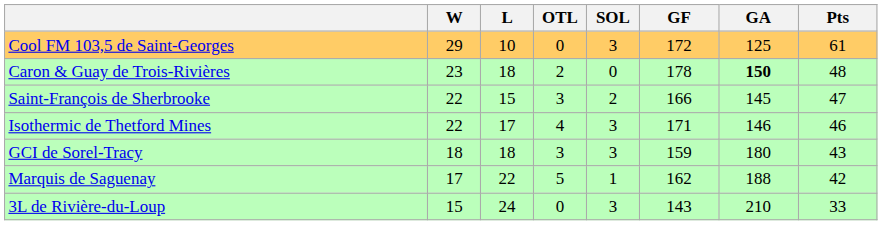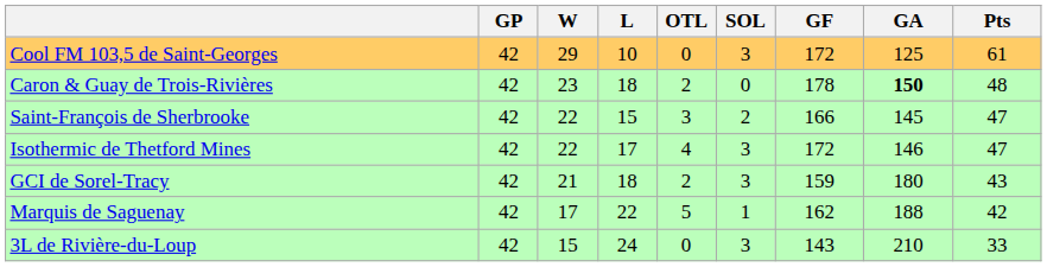 <table class="wikitable">
 <tr>
 <th width="40%" bgcolor="#e0e0e0"></th>
+<th width="5%" bgcolor="#e0e0e0">GP</th>
 <th width="5%" bgcolor="#e0e0e0">W</th>
 <th width="5%" bgcolor="#e0e0e0">L</th>
 <th width="5%" bgcolor="#e0e0e0">OTL</th>
 <th width="5%" bgcolor="#e0e0e0">SOL</th>
 <th width="7.5%" bgcolor="#e0e0e0">GF</th>
 <th width="7.5%" bgcolor="#e0e0e0">GA</th>
 <th width="7.5%" bgcolor="#e0e0e0">Pts</th>
 </tr>
 <tr align="center" bgcolor="#FFCC66">
 <td align="left"><a href='#'>Cool FM 103,5 de Saint-Georges</a></td>
+<td>42</td>
 <td>29</td>
 <td>10</td>
 <td>0</td>
 <td>3</td>
 <td>172</td>
 <td>125</td>
 <td>61</td>
 </tr>
 <tr align="center" bgcolor="#bbffbb">
 <td align="left"><a href='#'>Caron & Guay de Trois-Rivières</a></td>
+<td>42</td>
 <td>23</td>
 <td>18</td>
 <td>2</td>
 <td>0</td>
 <td>178</td>
 <td><strong>150</strong></td>
 <td>48</td>
 </tr>
 <tr align="center" bgcolor="#bbffbb">
 <td align="left"><a href='#'>Saint-François de Sherbrooke</a></td>
+<td>42</td>
 <td>22</td>
 <td>15</td>
 <td>3</td>
 <td>2</td>
 <td>166</td>
 <td>145</td>
 <td>47</td>
 </tr>
 <tr align="center" bgcolor="#bbffbb">
 <td align="left"><a href='#'>Isothermic de Thetford Mines</a></td>
+<td>42</td>
 <td>22</td>
 <td>17</td>
 <td>4</td>
 <td>3</td>
-<td>171</td>
+<td>172</td>
 <td>146</td>
-<td>46</td>
+<td>47</td>
 </tr>
 <tr align="center" bgcolor="#bbffbb">
 <td align="left"><a href='#'>GCI de Sorel-Tracy</a></td>
+<td>42</td>
+<td>21</td>
 <td>18</td>
-<td>18</td>
-<td>3</td>
+<td>2</td>
 <td>3</td>
 <td>159</td>
 <td>180</td>
 <td>43</td>
 </tr>
 <tr align="center" bgcolor="#bbffbb">
 <td align="left"><a href='#'>Marquis de Saguenay</a></td>
+<td>42</td>
 <td>17</td>
 <td>22</td>
 <td>5</td>
 <td>1</td>
 <td>162</td>
 <td>188</td>
 <td>42</td>
 </tr>
 <tr align="center" bgcolor="#bbffbb">
 <td align="left"><a href='#'>3L de Rivière-du-Loup</a></td>
+<td>42</td>
 <td>15</td>
 <td>24</td>
 <td>0</td>
 <td>3</td>
 <td>143</td>
 <td>210</td>
 <td>33</td>
 </tr>
 </table>
